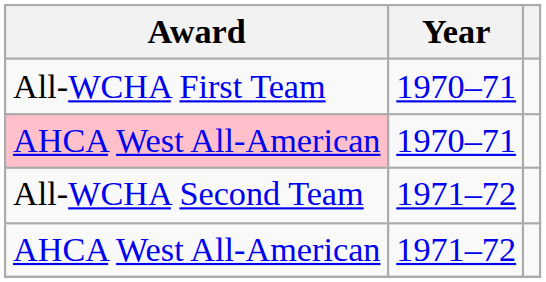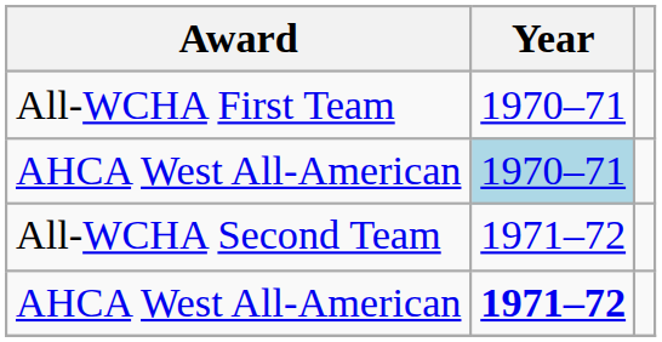 <table class="wikitable">
 <tr>
 <th>Award</th>
 <th>Year</th>
 <th></th>
 </tr>
 <tr>
 <td>All-<a href='#'>WCHA</a> <a href='#'>First Team</a></td>
 <td><a href='#'>1970–71</a></td>
 <td></td>
 </tr>
 <tr>
-<td style="background: pink;"><a href='#'>AHCA</a> <a href='#'>West All-American</a></td>
-<td><a href='#'>1970–71</a></td>
+<td><a href='#'>AHCA</a> <a href='#'>West All-American</a></td>
+<td style="background: lightblue;"><a href='#'>1970–71</a></td>
 <td></td>
 </tr>
 <tr>
 <td>All-<a href='#'>WCHA</a> <a href='#'>Second Team</a></td>
 <td><a href='#'>1971–72</a></td>
 <td></td>
 </tr>
 <tr>
 <td><a href='#'>AHCA</a> <a href='#'>West All-American</a></td>
-<td><a href='#'>1971–72</a></td>
+<td><strong><a href='#'>1971–72</a></strong></td>
 <td></td>
 </tr>
 <tr>
 </tr>
 </table>
